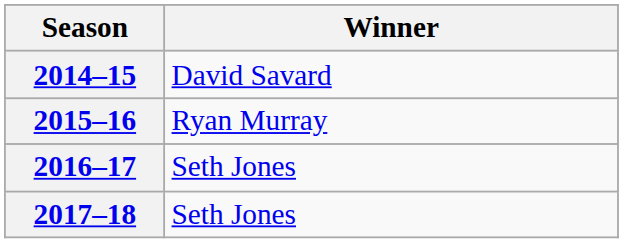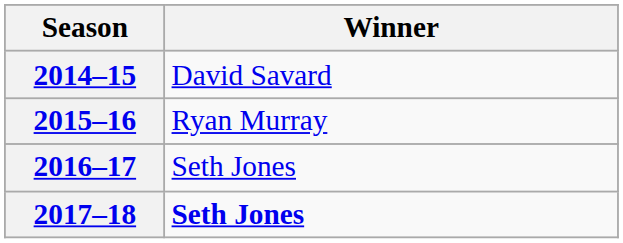 <table class="wikitable">
 <tr>
 <th scope="col" style="width:5em">Season</th>
 <th scope="col" style="width:15em">Winner</th>
 </tr>
 <tr>
 <th scope="row"><a href='#'>2014–15</a></th>
 <td><a href='#'>David Savard</a></td>
 </tr>
 <tr>
 <th scope="row"><a href='#'>2015–16</a></th>
 <td><a href='#'>Ryan Murray</a></td>
 </tr>
 <tr>
 <th scope="row"><a href='#'>2016–17</a></th>
 <td><a href='#'>Seth Jones</a></td>
 </tr>
 <tr>
 <th scope="row"><a href='#'>2017–18</a></th>
-<td><a href='#'>Seth Jones</a></td>
+<td><strong><a href='#'>Seth Jones</a></strong></td>
 </tr>
 </table>
